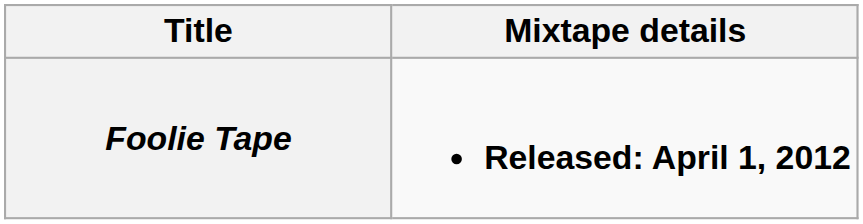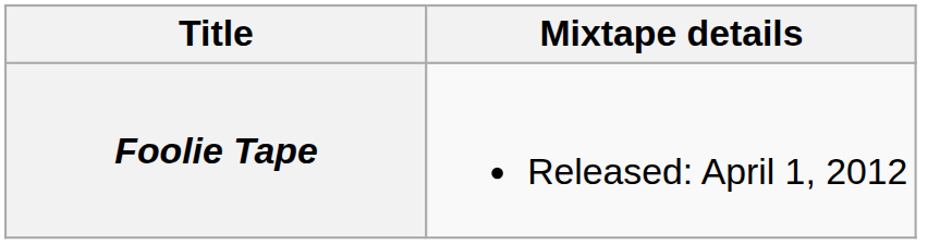 <table class="wikitable plainrowheaders" style="text-align:center;">
 <tr>
 <th scope="col" style="width:11em;">Title</th>
 <th scope="col">Mixtape details</th>
 </tr>
 <tr>
 <th scope="row"><em>Foolie Tape</em></th>
-<td><strong><br><ul><li>Released: April 1, 2012</li></ul></strong></td>
+<td><br><ul><li>Released: April 1, 2012</li></ul></td>
 </tr>
 </table>
